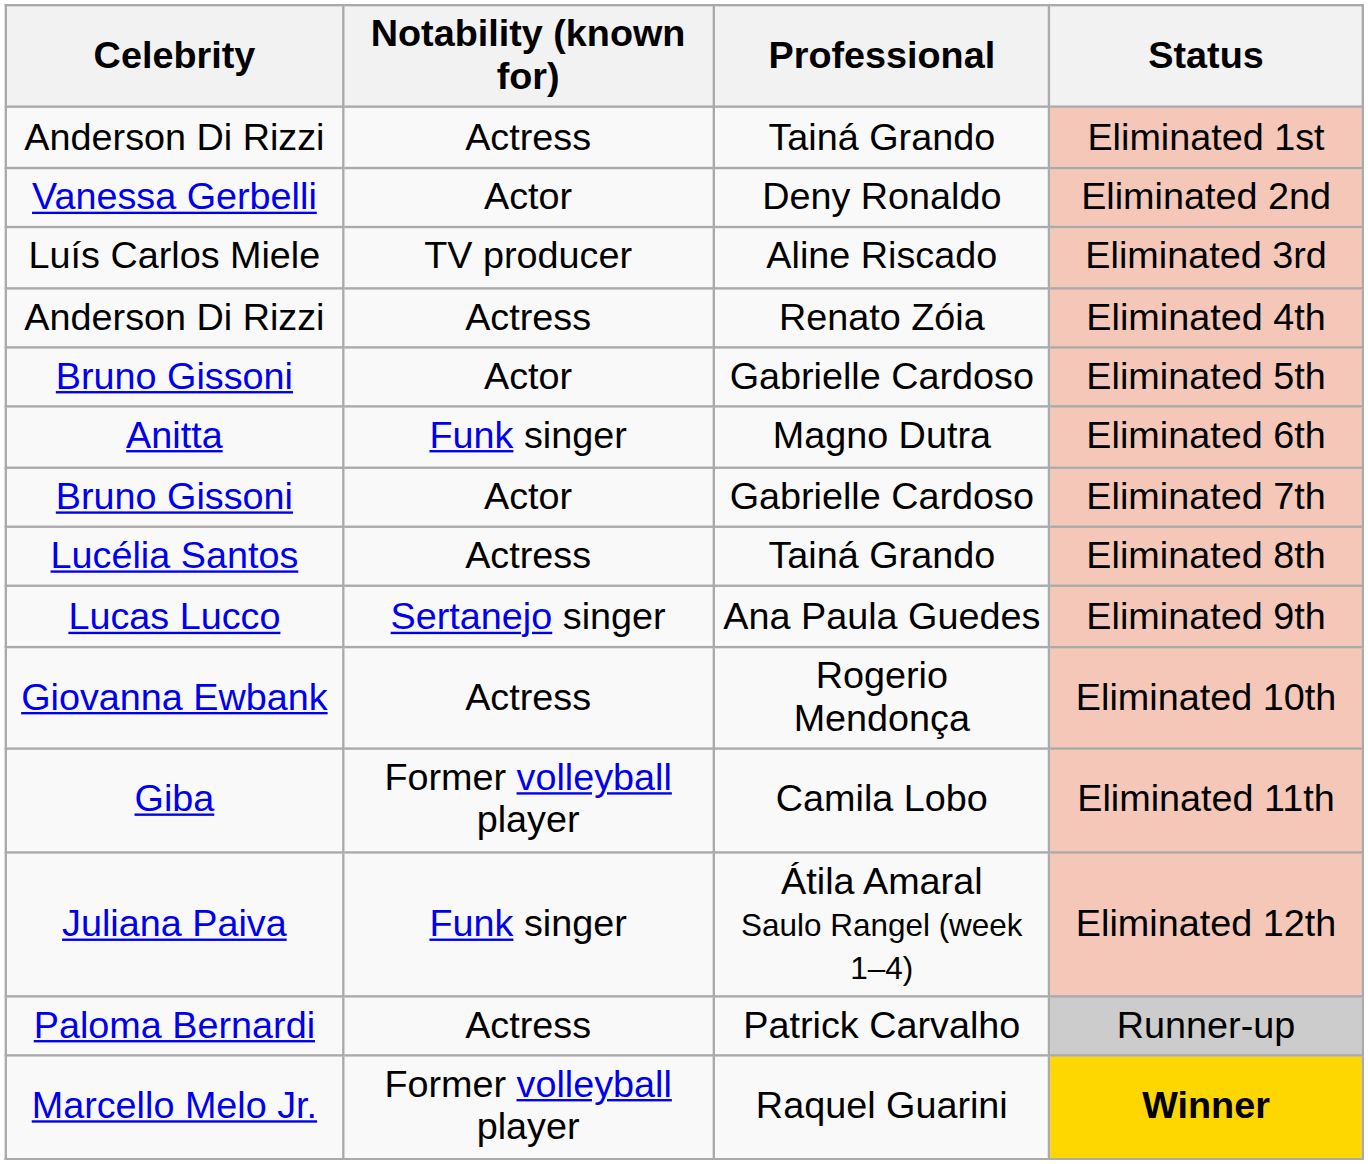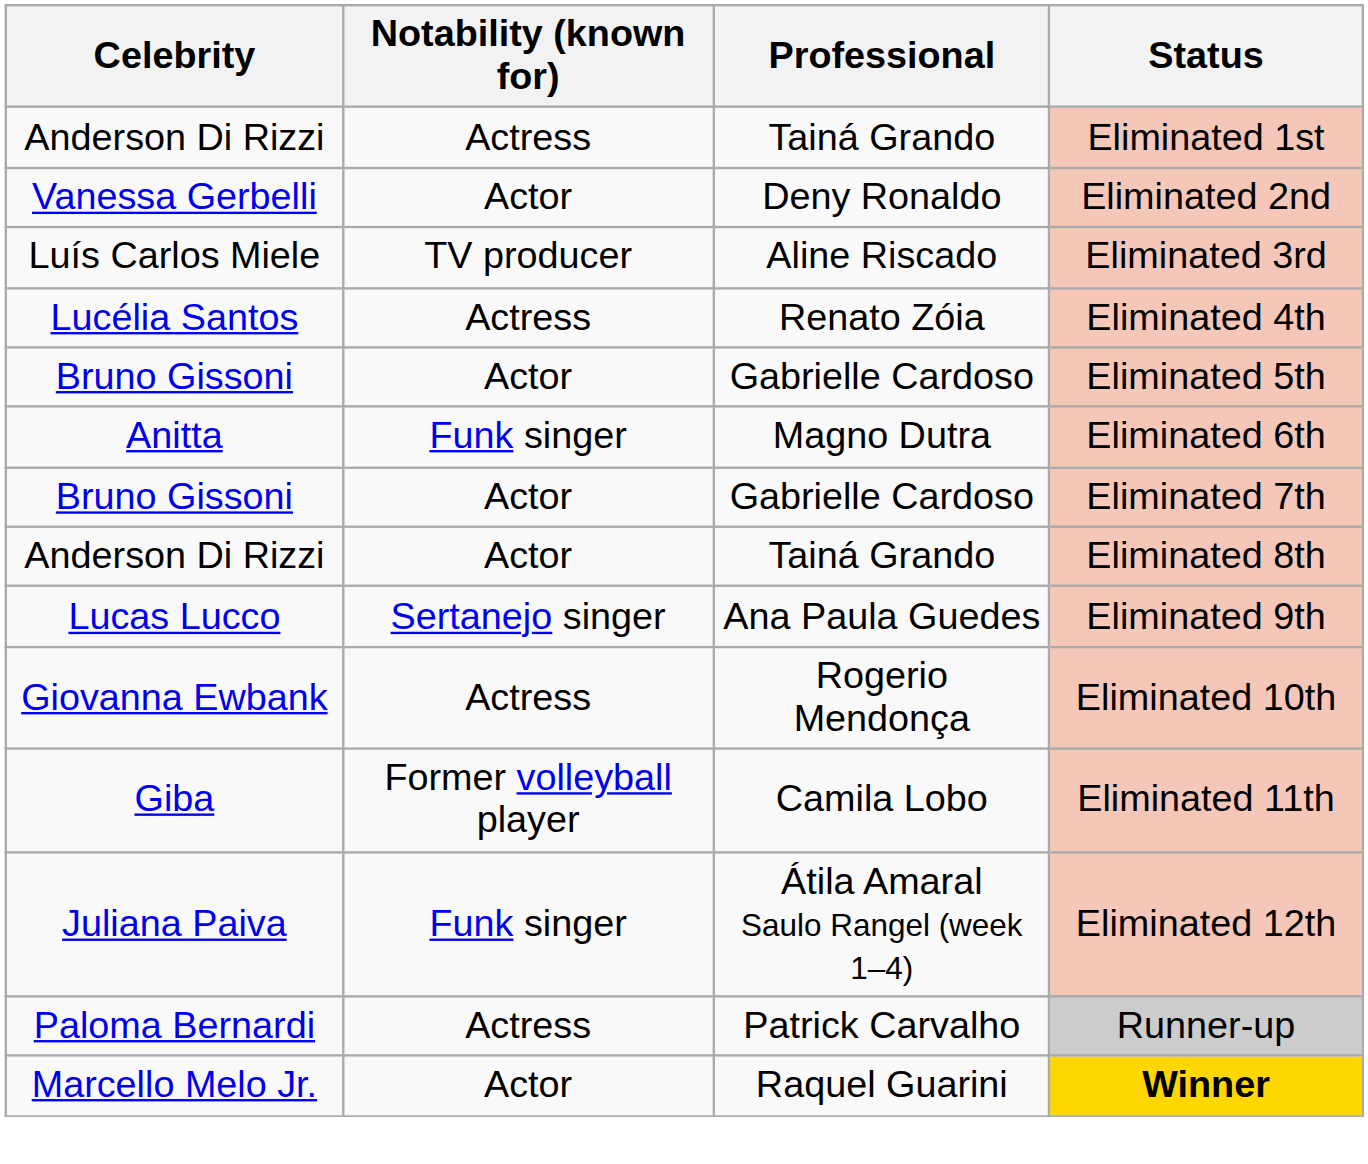 <table class= "wikitable sortable" style="text-align: center; margin:1em auto; align: center">
 <tr>
 <th width=135>Celebrity</th>
 <th width=150>Notability (known for)</th>
 <th width=135>Professional</th>
 <th width=125>Status</th>
 </tr>
 <tr>
 <td>Anderson Di Rizzi<br></td>
 <td>Actress</td>
 <td>Tainá Grando</td>
 <td bgcolor=F4C7B8>Eliminated 1st<br></td>
 </tr>
 <tr>
 <td><a href='#'>Vanessa Gerbelli</a></td>
 <td>Actor</td>
 <td>Deny Ronaldo</td>
 <td bgcolor=F4C7B8>Eliminated 2nd<br></td>
 </tr>
 <tr>
 <td>Luís Carlos Miele</td>
 <td>TV producer</td>
 <td>Aline Riscado</td>
 <td bgcolor=F4C7B8>Eliminated 3rd<br></td>
 </tr>
 <tr>
-<td>Anderson Di Rizzi</td>
+<td><a href='#'>Lucélia Santos</a></td>
 <td>Actress</td>
 <td>Renato Zóia</td>
 <td bgcolor=F4C7B8>Eliminated 4th<br></td>
 </tr>
 <tr>
 <td><a href='#'>Bruno Gissoni</a><br></td>
 <td>Actor</td>
 <td>Gabrielle Cardoso</td>
 <td bgcolor=F4C7B8>Eliminated 5th<br></td>
 </tr>
 <tr>
 <td><a href='#'>Anitta</a></td>
 <td><a href='#'>Funk</a> singer</td>
 <td>Magno Dutra</td>
 <td bgcolor=F4C7B8>Eliminated 6th<br></td>
 </tr>
 <tr>
 <td><a href='#'>Bruno Gissoni</a></td>
 <td>Actor</td>
 <td>Gabrielle Cardoso</td>
 <td bgcolor=F4C7B8>Eliminated 7th<br></td>
 </tr>
 <tr>
-<td><a href='#'>Lucélia Santos</a></td>
-<td>Actress</td>
+<td>Anderson Di Rizzi</td>
+<td>Actor</td>
 <td>Tainá Grando</td>
 <td bgcolor=F4C7B8>Eliminated 8th<br></td>
 </tr>
 <tr>
 <td><a href='#'>Lucas Lucco</a></td>
 <td><a href='#'>Sertanejo</a> singer</td>
 <td>Ana Paula Guedes</td>
 <td bgcolor=F4C7B8>Eliminated 9th<br></td>
 </tr>
 <tr>
 <td><a href='#'>Giovanna Ewbank</a></td>
 <td>Actress</td>
 <td>Rogerio Mendonça</td>
 <td bgcolor=F4C7B8>Eliminated 10th<br></td>
 </tr>
 <tr>
 <td><a href='#'>Giba</a></td>
 <td>Former <a href='#'>volleyball</a> player</td>
 <td>Camila Lobo</td>
 <td bgcolor=F4C7B8>Eliminated 11th<br></td>
 </tr>
 <tr>
 <td><a href='#'>Juliana Paiva</a></td>
 <td><a href='#'>Funk</a> singer</td>
 <td>Átila Amaral<br><small>Saulo Rangel (week 1–4)</small></td>
 <td bgcolor=F4C7B8>Eliminated 12th<br></td>
 </tr>
 <tr>
 <td><a href='#'>Paloma Bernardi</a></td>
 <td>Actress</td>
 <td>Patrick Carvalho</td>
 <td bgcolor=CCCCCC>Runner-up<br></td>
 </tr>
 <tr>
 <td><a href='#'>Marcello Melo Jr.</a></td>
-<td>Former <a href='#'>volleyball</a> player</td>
+<td>Actor</td>
 <td>Raquel Guarini</td>
 <td bgcolor=FFD700><strong>Winner</strong><br></td>
 </tr>
 <tr>
 </tr>
 </table>
